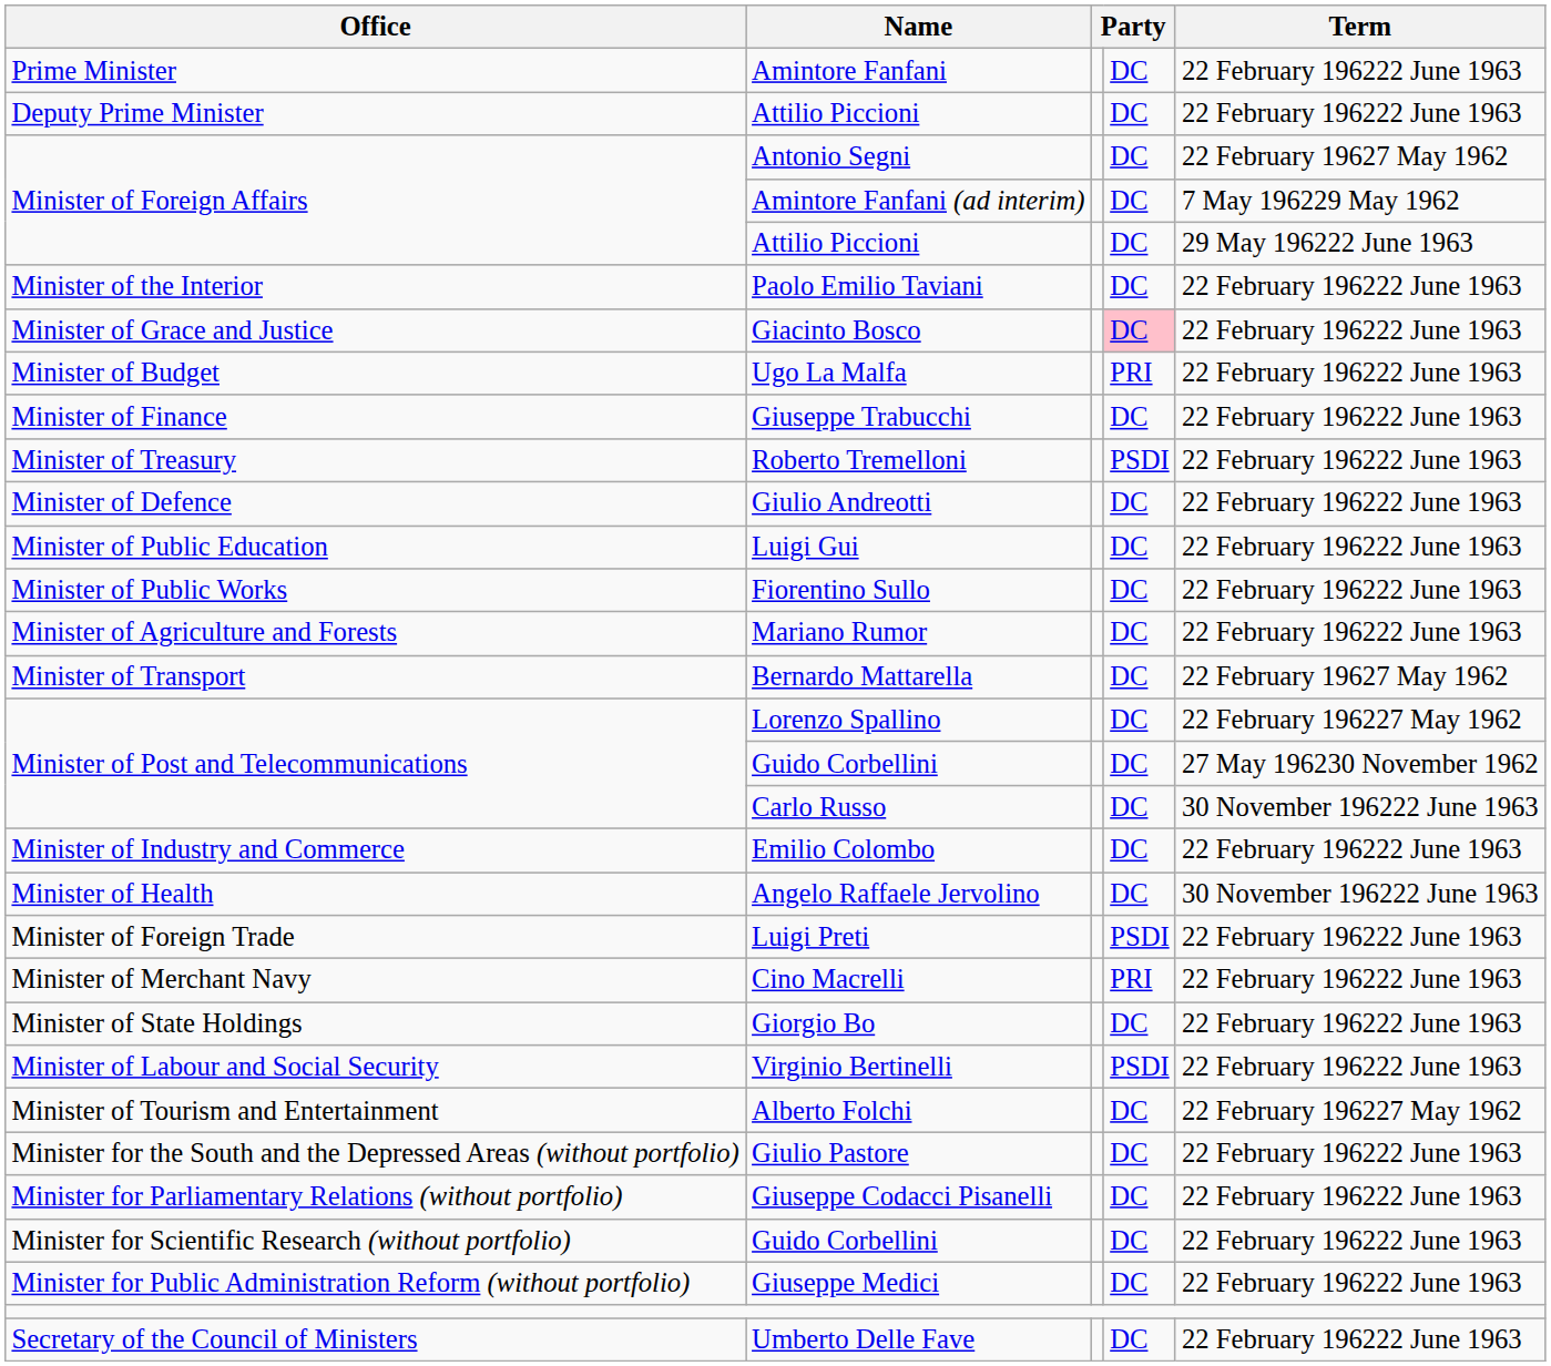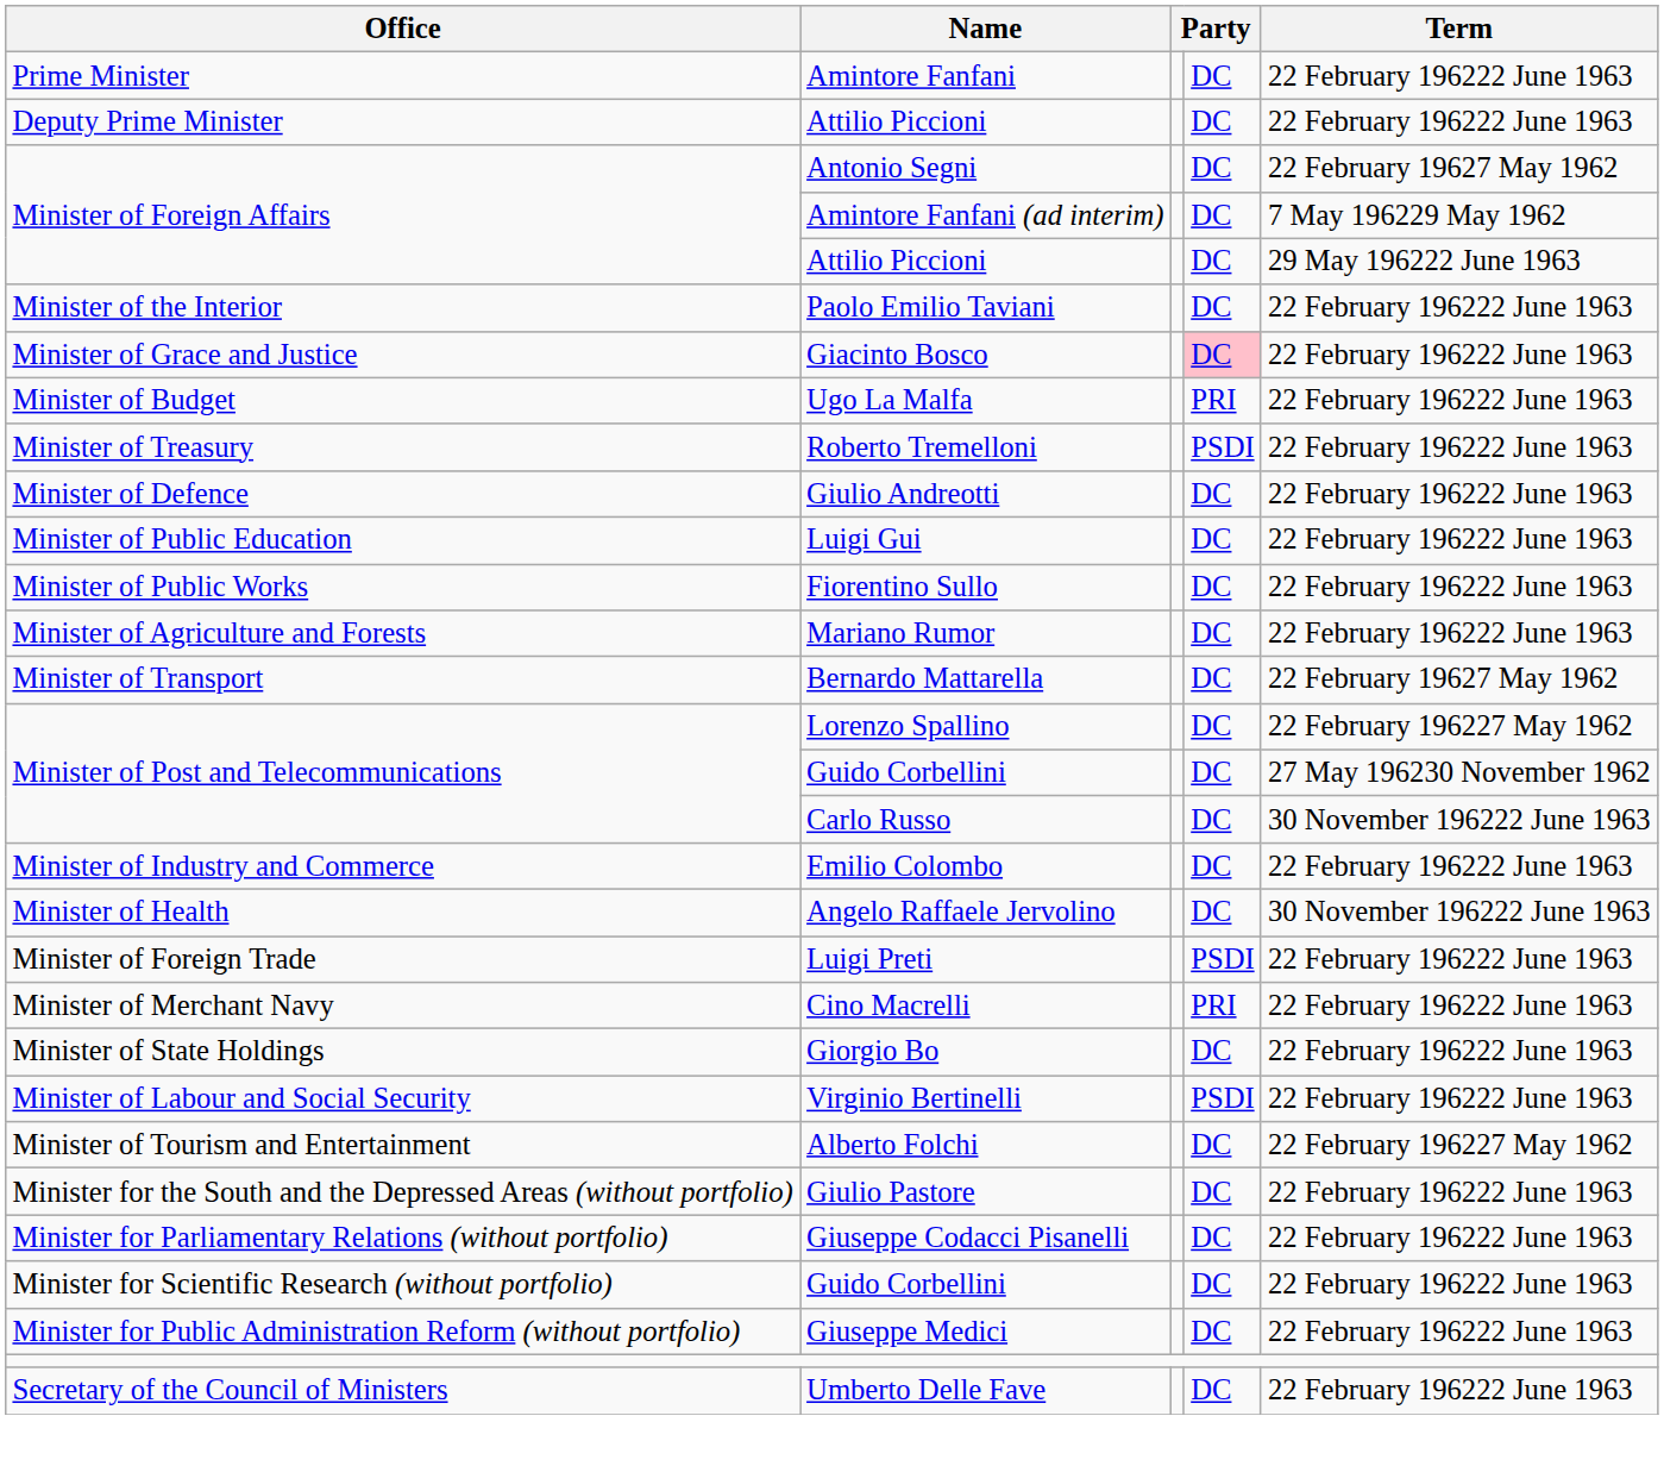 <table class="wikitable">
 <tr>
 <th>Office</th>
 <th>Name</th>
 <th colspan=2>Party</th>
 <th>Term</th>
 </tr>
 <tr>
 <td><a href='#'>Prime Minister</a></td>
 <td><a href='#'>Amintore Fanfani</a></td>
 <td></td>
 <td><a href='#'>DC</a></td>
 <td>22 February 196222 June 1963</td>
 </tr>
 <tr>
 <td><a href='#'>Deputy Prime Minister</a></td>
 <td><a href='#'>Attilio Piccioni</a></td>
 <td style="color:inherit;background:"></td>
 <td><a href='#'>DC</a></td>
 <td>22 February 196222 June 1963</td>
 </tr>
 <tr>
 <td rowspan=3><a href='#'>Minister of Foreign Affairs</a></td>
 <td><a href='#'>Antonio Segni</a></td>
 <td style="color:inherit;background:"></td>
 <td><a href='#'>DC</a></td>
 <td>22 February 19627 May 1962</td>
 </tr>
 <tr>
 <td><a href='#'>Amintore Fanfani</a> <em>(ad interim)</em></td>
 <td style="color:inherit;background:"></td>
 <td><a href='#'>DC</a></td>
 <td>7 May 196229 May 1962</td>
 </tr>
 <tr>
 <td><a href='#'>Attilio Piccioni</a></td>
 <td style="color:inherit;background:"></td>
 <td><a href='#'>DC</a></td>
 <td>29 May 196222 June 1963</td>
 </tr>
 <tr>
 <td><a href='#'>Minister of the Interior</a></td>
 <td><a href='#'>Paolo Emilio Taviani</a></td>
 <td style="color:inherit;background:"></td>
 <td><a href='#'>DC</a></td>
 <td>22 February 196222 June 1963</td>
 </tr>
 <tr>
 <td><a href='#'>Minister of Grace and Justice</a></td>
 <td><a href='#'>Giacinto Bosco</a></td>
 <td style="color:inherit;background:"></td>
 <td style="background: pink;"><a href='#'>DC</a></td>
 <td>22 February 196222 June 1963</td>
 </tr>
 <tr>
 <td><a href='#'>Minister of Budget</a></td>
 <td><a href='#'>Ugo La Malfa</a></td>
 <td style="color:inherit;background:"></td>
 <td><a href='#'>PRI</a></td>
-<td>22 February 196222 June 1963</td>
-</tr>
-<tr>
-<td><a href='#'>Minister of Finance</a></td>
-<td><a href='#'>Giuseppe Trabucchi</a></td>
-<td style="color:inherit;background:"></td>
-<td><a href='#'>DC</a></td>
 <td>22 February 196222 June 1963</td>
 </tr>
 <tr>
 <td><a href='#'>Minister of Treasury</a></td>
 <td><a href='#'>Roberto Tremelloni</a></td>
 <td style="color:inherit;background:"></td>
 <td><a href='#'>PSDI</a></td>
 <td>22 February 196222 June 1963</td>
 </tr>
 <tr>
 <td><a href='#'>Minister of Defence</a></td>
 <td><a href='#'>Giulio Andreotti</a></td>
 <td style="color:inherit;background:"></td>
 <td><a href='#'>DC</a></td>
 <td>22 February 196222 June 1963</td>
 </tr>
 <tr>
 <td><a href='#'>Minister of Public Education</a></td>
 <td><a href='#'>Luigi Gui</a></td>
 <td style="color:inherit;background:"></td>
 <td><a href='#'>DC</a></td>
 <td>22 February 196222 June 1963</td>
 </tr>
 <tr>
 <td><a href='#'>Minister of Public Works</a></td>
 <td><a href='#'>Fiorentino Sullo</a></td>
 <td style="color:inherit;background:"></td>
 <td><a href='#'>DC</a></td>
 <td>22 February 196222 June 1963</td>
 </tr>
 <tr>
 <td><a href='#'>Minister of Agriculture and Forests</a></td>
 <td><a href='#'>Mariano Rumor</a></td>
 <td style="color:inherit;background:"></td>
 <td><a href='#'>DC</a></td>
 <td>22 February 196222 June 1963</td>
 </tr>
 <tr>
 <td><a href='#'>Minister of Transport</a></td>
 <td><a href='#'>Bernardo Mattarella</a></td>
 <td style="color:inherit;background:"></td>
 <td><a href='#'>DC</a></td>
 <td>22 February 19627 May 1962</td>
 </tr>
 <tr>
 <td rowspan=3><a href='#'>Minister of Post and Telecommunications</a></td>
 <td><a href='#'>Lorenzo Spallino</a></td>
 <td style="color:inherit;background:"></td>
 <td><a href='#'>DC</a></td>
 <td>22 February 196227 May 1962</td>
 </tr>
 <tr>
 <td><a href='#'>Guido Corbellini</a></td>
 <td style="color:inherit;background:"></td>
 <td><a href='#'>DC</a></td>
 <td>27 May 196230 November 1962</td>
 </tr>
 <tr>
 <td><a href='#'>Carlo Russo</a></td>
 <td style="color:inherit;background:"></td>
 <td><a href='#'>DC</a></td>
 <td>30 November 196222 June 1963</td>
 </tr>
 <tr>
 <td><a href='#'>Minister of Industry and Commerce</a></td>
 <td><a href='#'>Emilio Colombo</a></td>
 <td style="color:inherit;background:"></td>
 <td><a href='#'>DC</a></td>
 <td>22 February 196222 June 1963</td>
 </tr>
 <tr>
 <td><a href='#'>Minister of Health</a></td>
 <td><a href='#'>Angelo Raffaele Jervolino</a></td>
 <td style="color:inherit;background:"></td>
 <td><a href='#'>DC</a></td>
 <td>30 November 196222 June 1963</td>
 </tr>
 <tr>
 <td>Minister of Foreign Trade</td>
 <td><a href='#'>Luigi Preti</a></td>
 <td style="color:inherit;background:"></td>
 <td><a href='#'>PSDI</a></td>
 <td>22 February 196222 June 1963</td>
 </tr>
 <tr>
 <td>Minister of Merchant Navy</td>
 <td><a href='#'>Cino Macrelli</a></td>
 <td style="color:inherit;background:"></td>
 <td><a href='#'>PRI</a></td>
 <td>22 February 196222 June 1963</td>
 </tr>
 <tr>
 <td>Minister of State Holdings</td>
 <td><a href='#'>Giorgio Bo</a></td>
 <td style="color:inherit;background:"></td>
 <td><a href='#'>DC</a></td>
 <td>22 February 196222 June 1963</td>
 </tr>
 <tr>
 <td><a href='#'>Minister of Labour and Social Security</a></td>
 <td><a href='#'>Virginio Bertinelli</a></td>
 <td style="color:inherit;background:"></td>
 <td><a href='#'>PSDI</a></td>
 <td>22 February 196222 June 1963</td>
 </tr>
 <tr>
 <td>Minister of Tourism and Entertainment</td>
 <td><a href='#'>Alberto Folchi</a></td>
 <td style="color:inherit;background:"></td>
 <td><a href='#'>DC</a></td>
 <td>22 February 196227 May 1962</td>
 </tr>
 <tr>
 <td>Minister for the South and the Depressed Areas <em>(without portfolio)</em></td>
 <td><a href='#'>Giulio Pastore</a></td>
 <td style="color:inherit;background:"></td>
 <td><a href='#'>DC</a></td>
 <td>22 February 196222 June 1963</td>
 </tr>
 <tr>
 <td><a href='#'>Minister for Parliamentary Relations</a> <em>(without portfolio)</em></td>
 <td><a href='#'>Giuseppe Codacci Pisanelli</a></td>
 <td style="color:inherit;background:"></td>
 <td><a href='#'>DC</a></td>
 <td>22 February 196222 June 1963</td>
 </tr>
 <tr>
 <td>Minister for Scientific Research <em>(without portfolio)</em></td>
 <td><a href='#'>Guido Corbellini</a></td>
 <td style="color:inherit;background:"></td>
 <td><a href='#'>DC</a></td>
 <td>22 February 196222 June 1963</td>
 </tr>
 <tr>
 <td><a href='#'>Minister for Public Administration Reform</a> <em>(without portfolio)</em></td>
 <td><a href='#'>Giuseppe Medici</a></td>
 <td style="color:inherit;background:"></td>
 <td><a href='#'>DC</a></td>
 <td>22 February 196222 June 1963</td>
 </tr>
 <tr>
 <td colspan="5"></td>
 </tr>
 <tr>
 <td><a href='#'>Secretary of the Council of Ministers</a></td>
 <td><a href='#'>Umberto Delle Fave</a></td>
 <td style="color:inherit;background:"></td>
 <td><a href='#'>DC</a></td>
 <td>22 February 196222 June 1963</td>
 </tr>
 </table>
